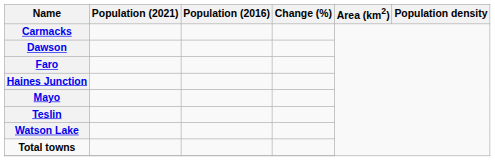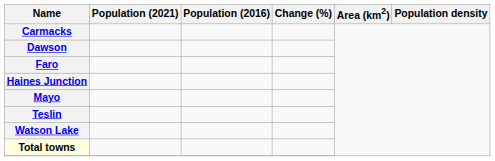 <table class="wikitable sortable">
 <tr>
 <th>Name</th>
 <th>Population (2021)</th>
 <th>Population (2016)</th>
 <th>Change (%)</th>
 <th>Area (km<sup>2</sup>)</th>
 <th>Population density</th>
 </tr>
 <tr>
 <th scope="row" align=left><a href='#'>Carmacks</a></th>
 <td></td>
 <td align=right></td>
 <td align=right></td>
 </tr>
 <tr>
 <th scope="row" align=left><a href='#'>Dawson</a></th>
 <td></td>
 <td align=right></td>
 <td align=right></td>
 </tr>
 <tr>
 <th scope="row" align=left><a href='#'>Faro</a></th>
 <td></td>
 <td align=right></td>
 <td align=right></td>
 </tr>
 <tr>
 <th scope="row" align=left><a href='#'>Haines Junction</a></th>
 <td></td>
 <td align=right></td>
 <td align=right></td>
 </tr>
 <tr>
 <th scope="row" align=left><a href='#'>Mayo</a></th>
 <td></td>
 <td align=right></td>
 <td align=right></td>
 </tr>
 <tr>
 <th scope="row" align=left><a href='#'>Teslin</a></th>
 <td></td>
 <td align=right></td>
 <td align=right></td>
 </tr>
 <tr>
 <th scope="row" align=left><a href='#'>Watson Lake</a></th>
 <td></td>
 <td align=right></td>
 <td align=right></td>
 </tr>
 <tr class="sortbottom" align="center">
-<td align="center"><strong>Total towns</strong></td>
+<td align="center" style="background: lightyellow;"><strong>Total towns</strong></td>
 <td></td>
 <td align=right><strong></strong></td>
 <td align=right><strong></strong></td>
 </tr>
 <tr>
 </tr>
 </table>
